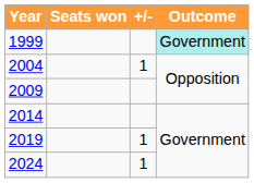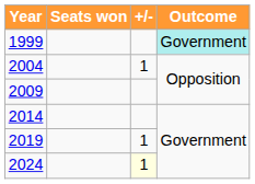 <table class="wikitable sortable">
 <tr>
 <th style="background-color:#FF9933; color:white">Year</th>
 <th style="background-color:#FF9933; color:white">Seats won</th>
 <th style="background-color:#FF9933; color:white">+/-</th>
 <th style="background-color:#FF9933; color:white">Outcome</th>
 </tr>
 <tr style="text-align:center;">
 <td><a href='#'>1999</a></td>
 <td></td>
 <td></td>
 <td style="background: paleturquoise;">Government</td>
 </tr>
 <tr style="text-align:center;">
 <td><a href='#'>2004</a></td>
 <td></td>
 <td>1</td>
 <td rowspan="2">Opposition</td>
 </tr>
 <tr style="text-align:center;">
 <td><a href='#'>2009</a></td>
 <td></td>
 <td></td>
 </tr>
 <tr style="text-align:center;">
 <td><a href='#'>2014</a></td>
 <td></td>
 <td></td>
 <td rowspan="3">Government</td>
 </tr>
 <tr style="text-align:center;">
 <td><a href='#'>2019</a></td>
 <td></td>
 <td>1</td>
 </tr>
 <tr style="text-align:center;">
 <td><a href='#'>2024</a></td>
 <td></td>
-<td>1</td>
+<td style="background: lightyellow;">1</td>
 </tr>
 </table>
